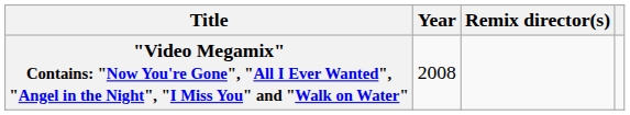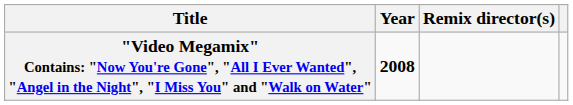 <table class="wikitable plainrowheaders" style="text-align:center;">
 <tr>
 <th scope="col">Title</th>
 <th scope="col">Year</th>
 <th scope="col">Remix director(s)</th>
 <th scope="col"></th>
 </tr>
 <tr>
 <th scope="row">"Video Megamix"<br><small>Contains: "<a href='#'>Now You're Gone</a>", "<a href='#'>All I Ever Wanted</a>", <br>"<a href='#'>Angel in the Night</a>", "<a href='#'>I Miss You</a>" and "<a href='#'>Walk on Water</a>"</small></th>
-<td>2008</td>
+<td><strong>2008</strong></td>
 <td></td>
 <td></td>
 </tr>
 </table>
